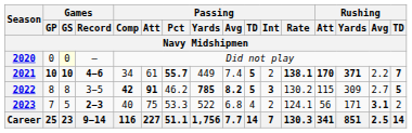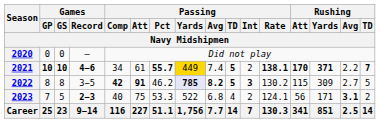 <table class=wikitable style="text-align:center;">
 <tr>
 <th rowspan="2">Season</th>
 <th colspan="3">Games</th>
 <th colspan="8">Passing</th>
 <th colspan="5">Rushing</th>
 </tr>
 <tr>
 <th>GP</th>
 <th>GS</th>
 <th>Record</th>
 <th>Comp</th>
 <th>Att</th>
 <th>Pct</th>
 <th>Yards</th>
 <th>Avg</th>
 <th>TD</th>
 <th>Int</th>
 <th>Rate</th>
 <th>Att</th>
 <th>Yards</th>
 <th>Avg</th>
 <th>TD</th>
 </tr>
 <tr>
 <th colspan="16">Navy Midshipmen</th>
 </tr>
 <tr>
 <th><a href='#'>2020</a></th>
 <td>0</td>
-<td style="background: lightyellow;">0</td>
+<td>0</td>
 <td>—</td>
 <td colspan="12"><em>Did not play</em></td>
 </tr>
 <tr>
 <th><a href='#'>2021</a></th>
 <td><strong>10</strong></td>
 <td><strong>10</strong></td>
 <td><strong>4−6</strong></td>
 <td>34</td>
 <td>61</td>
 <td><strong>55.7</strong></td>
-<td>449</td>
+<td style="background: gold;">449</td>
 <td>7.4</td>
 <td><strong>5</strong></td>
 <td>2</td>
 <td><strong>138.1</strong></td>
 <td><strong>170</strong></td>
 <td><strong>371</strong></td>
 <td>2.2</td>
 <td><strong>7</strong></td>
 </tr>
 <tr>
 <th><a href='#'>2022</a></th>
 <td>8</td>
 <td>8</td>
 <td>3−5</td>
 <td><strong>42</strong></td>
 <td><strong>91</strong></td>
 <td>46.2</td>
-<td><strong>785</strong></td>
+<td style="background: lavender;"><strong>785</strong></td>
 <td><strong>8.2</strong></td>
 <td><strong>5</strong></td>
 <td><strong>3</strong></td>
 <td>130.2</td>
 <td>115</td>
 <td>309</td>
 <td>2.7</td>
-<td><strong>5</strong></td>
+<td>5</td>
 </tr>
 <tr>
 <th><a href='#'>2023</a></th>
 <td>7</td>
 <td>5</td>
 <td><strong>2−3</strong></td>
 <td>40</td>
 <td>75</td>
 <td>53.3</td>
 <td>522</td>
 <td>6.8</td>
 <td>4</td>
 <td>2</td>
 <td>124.1</td>
 <td>56</td>
 <td>171</td>
 <td><strong>3.1</strong></td>
 <td>2</td>
 </tr>
 <tr>
 <th>Career</th>
 <th>25</th>
 <th>23</th>
 <th>9−14</th>
 <th>116</th>
 <th>227</th>
 <th>51.1</th>
 <th>1,756</th>
 <th>7.7</th>
 <th>14</th>
 <th>7</th>
 <th>130.3</th>
 <th>341</th>
 <th>851</th>
 <th>2.5</th>
 <th>14</th>
 </tr>
 </table>
